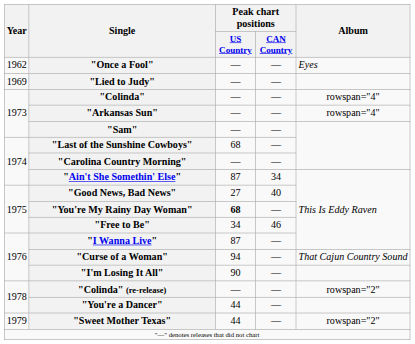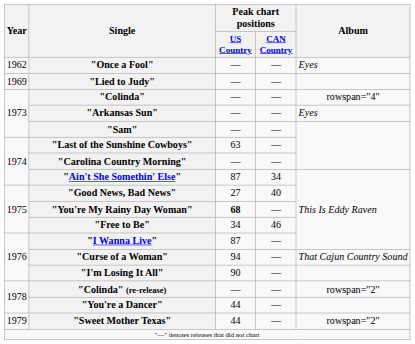 <table class="wikitable plainrowheaders" style="text-align:center;">
 <tr>
 <th rowspan="2">Year</th>
 <th rowspan="2" style="width:18em;">Single</th>
 <th colspan="2">Peak chart<br>positions</th>
 <th rowspan="2">Album</th>
 </tr>
 <tr>
 <th style="width:4em;font-size:90%;"><a href='#'>US Country</a><br></th>
 <th style="width:4em;font-size:90%;"><a href='#'>CAN Country</a></th>
 </tr>
 <tr>
 <td>1962</td>
 <th scope="row">"Once a Fool"</th>
 <td>—</td>
 <td>—</td>
 <td align="left"><em>Eyes</em></td>
 </tr>
 <tr>
 <td>1969</td>
 <th scope="row">"Lied to Judy"</th>
 <td>—</td>
 <td>—</td>
 </tr>
 <tr>
 <td rowspan="3">1973</td>
 <th scope="row">"Colinda"</th>
 <td>—</td>
 <td>—</td>
 <td>rowspan="4" </td>
 </tr>
 <tr>
 <th scope="row">"Arkansas Sun"</th>
 <td>—</td>
 <td>—</td>
-<td>rowspan="4" </td>
+<td align="left"><em>Eyes</em></td>
 </tr>
 <tr>
 <th scope="row">"Sam"</th>
 <td>—</td>
 <td>—</td>
 </tr>
 <tr>
 <td rowspan="3">1974</td>
 <th scope="row">"Last of the Sunshine Cowboys"</th>
-<td>68</td>
+<td>63</td>
 <td>—</td>
 </tr>
 <tr>
 <th scope="row">"Carolina Country Morning"</th>
 <td>—</td>
 <td>—</td>
 </tr>
 <tr>
 <th scope="row">"<a href='#'>Ain't She Somethin' Else</a>"</th>
 <td>87</td>
 <td>34</td>
 <td align="left" rowspan="5"><em>This Is Eddy Raven</em></td>
 </tr>
 <tr>
 <td rowspan="3">1975</td>
 <th scope="row">"Good News, Bad News"</th>
 <td>27</td>
 <td>40</td>
 </tr>
 <tr>
 <th scope="row">"You're My Rainy Day Woman"</th>
 <td><strong>68</strong></td>
 <td>—</td>
 </tr>
 <tr>
 <th scope="row">"Free to Be"</th>
 <td>34</td>
 <td>46</td>
 </tr>
 <tr>
 <td rowspan="3">1976</td>
 <th scope="row">"<a href='#'>I Wanna Live</a>"</th>
 <td>87</td>
 <td>—</td>
 </tr>
 <tr>
 <th scope="row">"Curse of a Woman"</th>
 <td>94</td>
 <td>—</td>
 <td align="left"><em>That Cajun Country Sound</em></td>
 </tr>
 <tr>
 <th scope="row">"I'm Losing It All"</th>
 <td>90</td>
 <td>—</td>
 </tr>
 <tr>
 <td rowspan="2">1978</td>
 <th scope="row">"Colinda" <small>(re-release)</small></th>
 <td>—</td>
 <td>—</td>
 <td>rowspan="2" </td>
 </tr>
 <tr>
 <th scope="row">"You're a Dancer"</th>
 <td>44</td>
 <td>—</td>
 <td></td>
 </tr>
 <tr>
 <td>1979</td>
 <th scope="row">"Sweet Mother Texas"</th>
 <td>44</td>
 <td>—</td>
 <td>rowspan="2" </td>
 </tr>
 <tr>
 <td colspan="5" style="font-size:8pt">"—" denotes releases that did not chart</td>
 </tr>
 </table>
